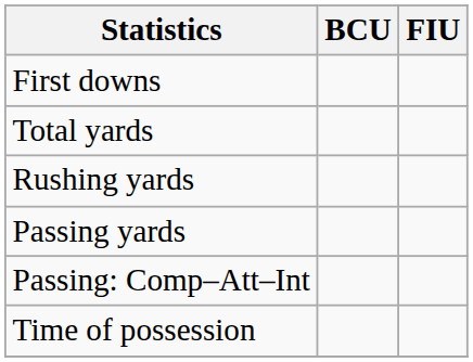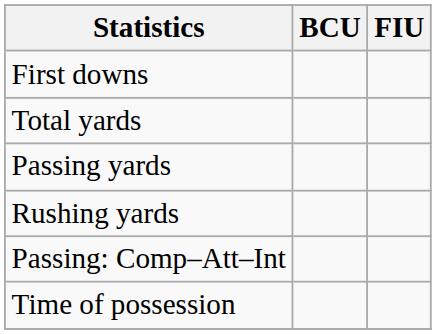 <table class="wikitable" style="float: left;">
 <tr>
 <th>Statistics</th>
 <th>BCU</th>
 <th>FIU</th>
 </tr>
 <tr>
 <td>First downs</td>
 <td></td>
 <td></td>
 </tr>
 <tr>
 <td>Total yards</td>
 <td></td>
 <td></td>
 </tr>
 <tr>
-<td>Rushing yards</td>
+<td>Passing yards</td>
 <td></td>
 <td></td>
 </tr>
 <tr>
-<td>Passing yards</td>
+<td>Rushing yards</td>
 <td></td>
 <td></td>
 </tr>
 <tr>
 <td>Passing: Comp–Att–Int</td>
 <td></td>
 <td></td>
 </tr>
 <tr>
 <td>Time of possession</td>
 <td></td>
 <td></td>
 </tr>
 <tr>
 </tr>
 </table>
